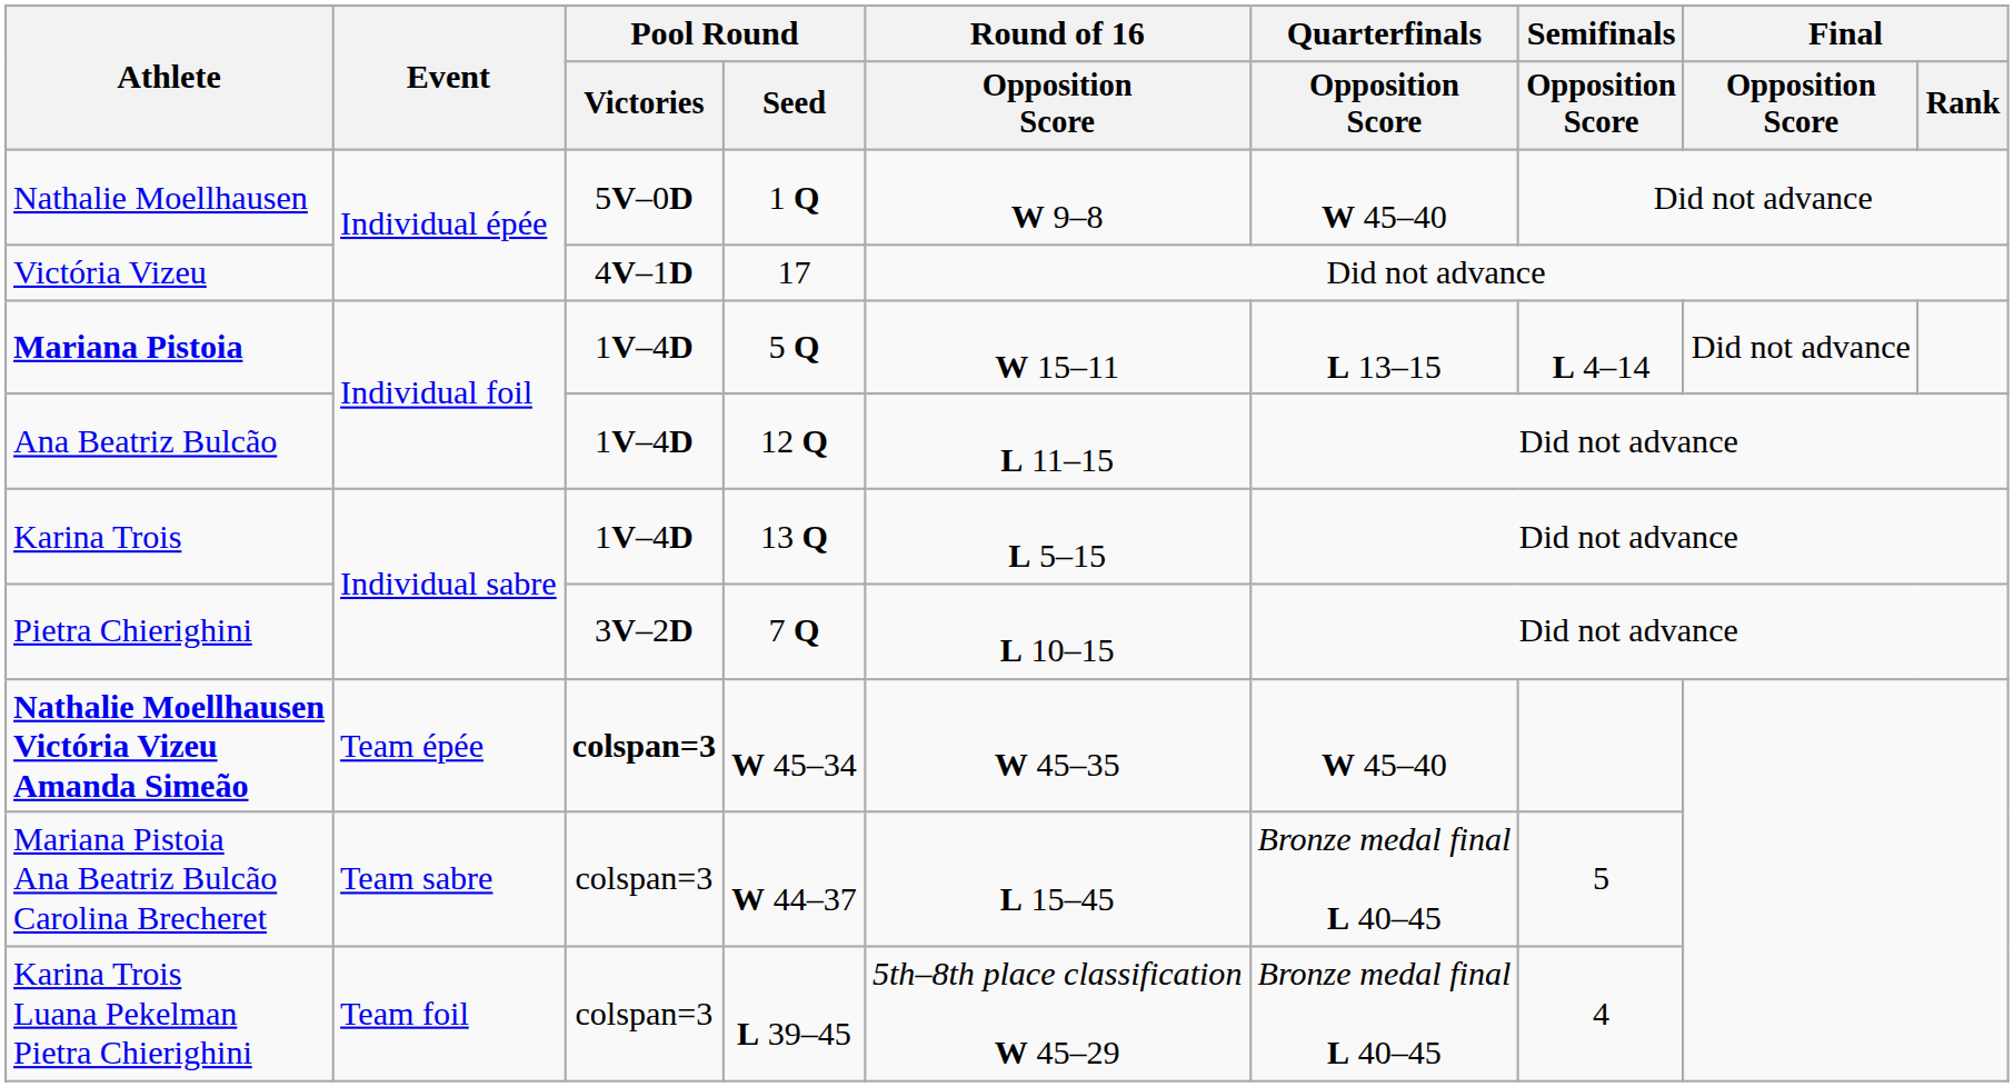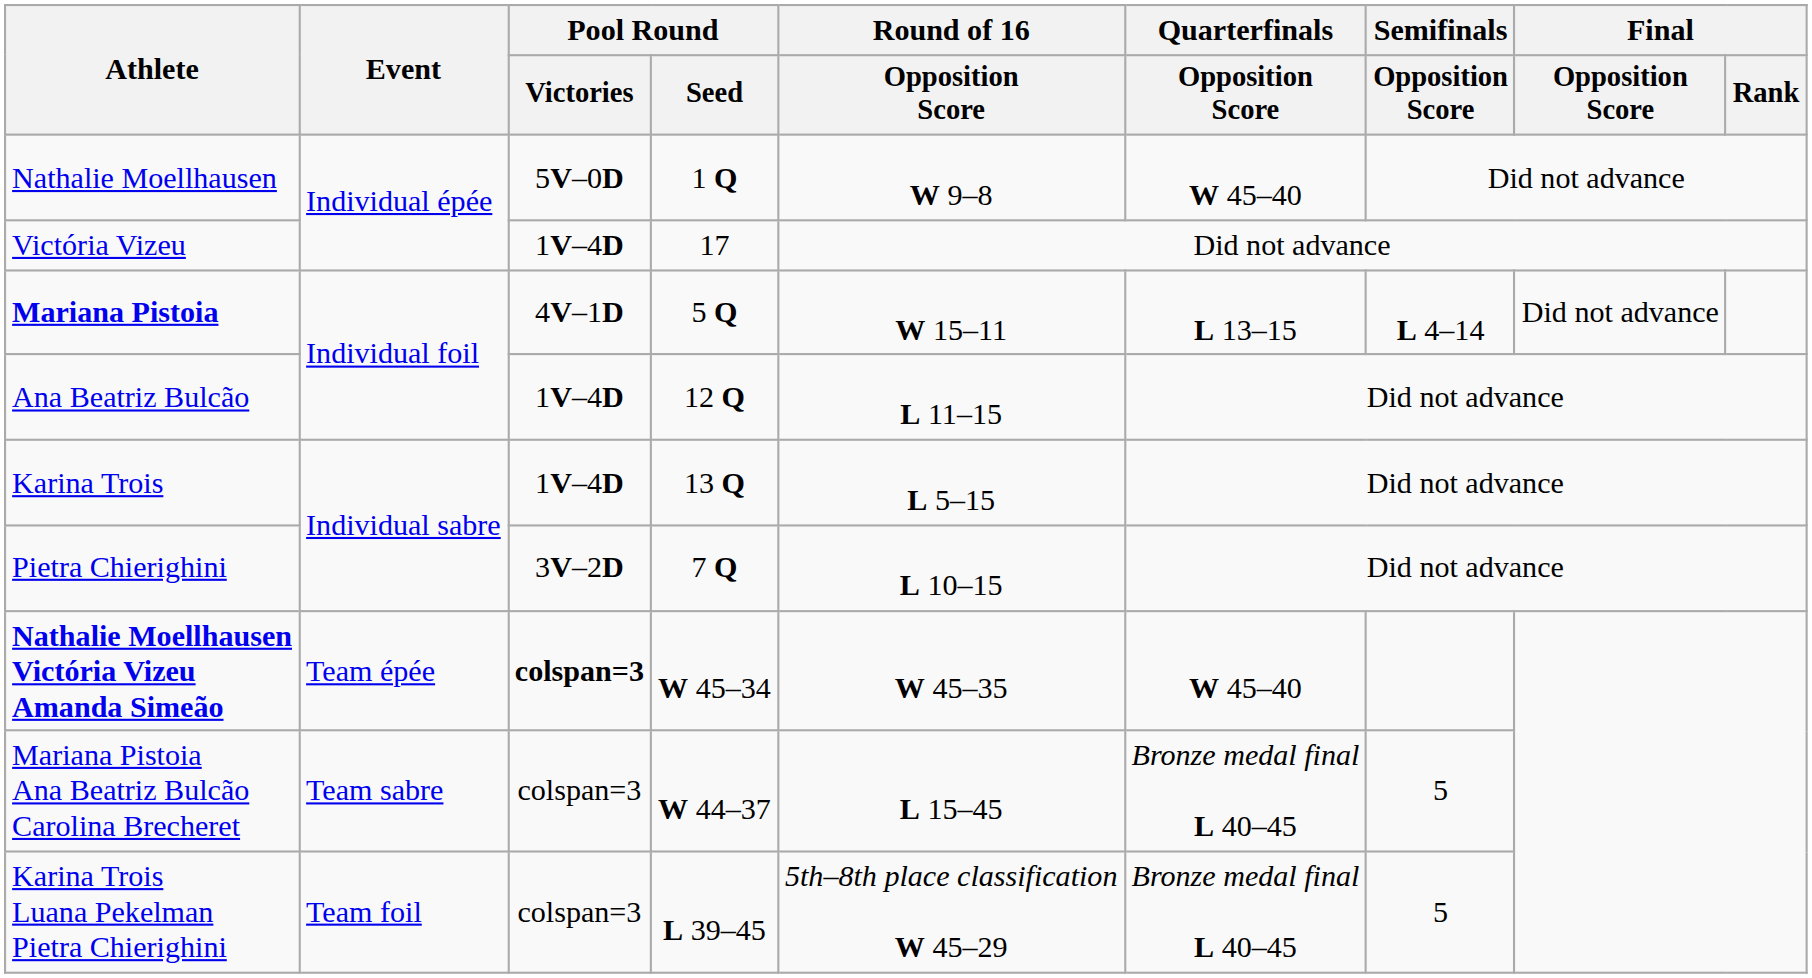 <table class=wikitable style="font-size:90%">
 <tr>
 <th rowspan="2">Athlete</th>
 <th rowspan="2">Event</th>
 <th colspan=2>Pool Round</th>
 <th>Round of 16</th>
 <th>Quarterfinals</th>
 <th>Semifinals</th>
 <th colspan=2>Final</th>
 </tr>
 <tr style="font-size:95%">
 <th>Victories</th>
 <th>Seed</th>
 <th>Opposition<br>Score</th>
 <th>Opposition<br>Score</th>
 <th>Opposition<br>Score</th>
 <th>Opposition<br>Score</th>
 <th>Rank</th>
 </tr>
 <tr align=center>
 <td align=left><a href='#'>Nathalie Moellhausen</a></td>
 <td align=left rowspan=2><a href='#'>Individual épée</a></td>
 <td>5<strong>V</strong>–0<strong>D</strong></td>
 <td>1 <strong>Q</strong></td>
 <td><br><strong>W</strong> 9–8</td>
 <td><br><strong>W</strong> 45–40</td>
 <td colspan=3>Did not advance</td>
 </tr>
 <tr align=center>
 <td align=left><a href='#'>Victória Vizeu</a></td>
-<td>4<strong>V</strong>–1<strong>D</strong></td>
+<td>1<strong>V</strong>–4<strong>D</strong></td>
 <td>17</td>
 <td colspan=5>Did not advance</td>
 </tr>
 <tr align=center>
 <td align=left><strong><a href='#'>Mariana Pistoia</a></strong></td>
 <td align=left rowspan=2><a href='#'>Individual foil</a></td>
-<td>1<strong>V</strong>–4<strong>D</strong></td>
+<td>4<strong>V</strong>–1<strong>D</strong></td>
 <td>5 <strong>Q</strong></td>
 <td><br><strong>W</strong> 15–11</td>
 <td><br><strong>L</strong> 13–15</td>
 <td><br><strong>L</strong> 4–14</td>
 <td>Did not advance</td>
 <td></td>
 </tr>
 <tr align=center>
 <td align=left><a href='#'>Ana Beatriz Bulcão</a></td>
 <td>1<strong>V</strong>–4<strong>D</strong></td>
 <td>12 <strong>Q</strong></td>
 <td><br><strong>L</strong> 11–15</td>
 <td colspan=4>Did not advance</td>
 </tr>
 <tr align=center>
 <td align=left><a href='#'>Karina Trois</a></td>
 <td align=left rowspan=2><a href='#'>Individual sabre</a></td>
 <td>1<strong>V</strong>–4<strong>D</strong></td>
 <td>13 <strong>Q</strong></td>
 <td><br><strong>L</strong> 5–15</td>
 <td colspan=4>Did not advance</td>
 </tr>
 <tr align=center>
 <td align=left><a href='#'>Pietra Chierighini</a></td>
 <td>3<strong>V</strong>–2<strong>D</strong></td>
 <td>7 <strong>Q</strong></td>
 <td><br><strong>L</strong> 10–15</td>
 <td colspan=4>Did not advance</td>
 </tr>
 <tr align=center>
 <td align=left><strong><a href='#'>Nathalie Moellhausen</a></strong><br><strong><a href='#'>Victória Vizeu</a></strong><br><strong><a href='#'>Amanda Simeão</a></strong></td>
 <td align=left><a href='#'>Team épée</a></td>
 <td><strong>colspan=3 </strong></td>
 <td><br><strong>W</strong> 45–34</td>
 <td><br><strong>W</strong> 45–35</td>
 <td><br><strong>W</strong> 45–40</td>
 <td></td>
 </tr>
 <tr align=center>
 <td align=left><a href='#'>Mariana Pistoia</a><br><a href='#'>Ana Beatriz Bulcão</a><br><a href='#'>Carolina Brecheret</a></td>
 <td align=left><a href='#'>Team sabre</a></td>
 <td>colspan=3 </td>
 <td><br><strong>W</strong> 44–37</td>
 <td><br><strong>L</strong> 15–45</td>
 <td><em>Bronze medal final</em><br><br><strong>L</strong> 40–45</td>
 <td>5</td>
 </tr>
 <tr align=center>
 <td align=left><a href='#'>Karina Trois</a><br><a href='#'>Luana Pekelman</a><br><a href='#'>Pietra Chierighini</a></td>
 <td align=left><a href='#'>Team foil</a></td>
 <td>colspan=3 </td>
 <td><br><strong>L</strong> 39–45</td>
 <td><em>5th–8th place classification</em><br><br><strong>W</strong> 45–29</td>
 <td><em>Bronze medal final</em><br><br><strong>L</strong> 40–45</td>
-<td>4</td>
+<td>5</td>
 </tr>
 </table>
